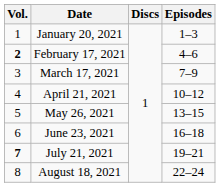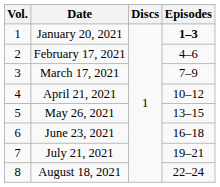 <table class="wikitable" style="text-align:center;">
 <tr>
 <th>Vol.</th>
 <th>Date</th>
 <th>Discs</th>
 <th>Episodes</th>
 </tr>
 <tr>
 <td>1</td>
 <td>January 20, 2021</td>
 <td rowspan="8">1</td>
-<td>1–3</td>
+<td><strong>1–3</strong></td>
 </tr>
 <tr>
-<td><strong>2</strong></td>
+<td>2</td>
 <td>February 17, 2021</td>
 <td>4–6</td>
 </tr>
 <tr>
 <td>3</td>
 <td>March 17, 2021</td>
 <td>7–9</td>
 </tr>
 <tr>
 <td>4</td>
 <td>April 21, 2021</td>
 <td>10–12</td>
 </tr>
 <tr>
 <td>5</td>
 <td>May 26, 2021</td>
 <td>13–15</td>
 </tr>
 <tr>
 <td>6</td>
 <td>June 23, 2021</td>
 <td>16–18</td>
 </tr>
 <tr>
-<td><strong>7</strong></td>
+<td>7</td>
 <td>July 21, 2021</td>
 <td>19–21</td>
 </tr>
 <tr>
 <td>8</td>
 <td>August 18, 2021</td>
 <td>22–24</td>
 </tr>
 </table>
